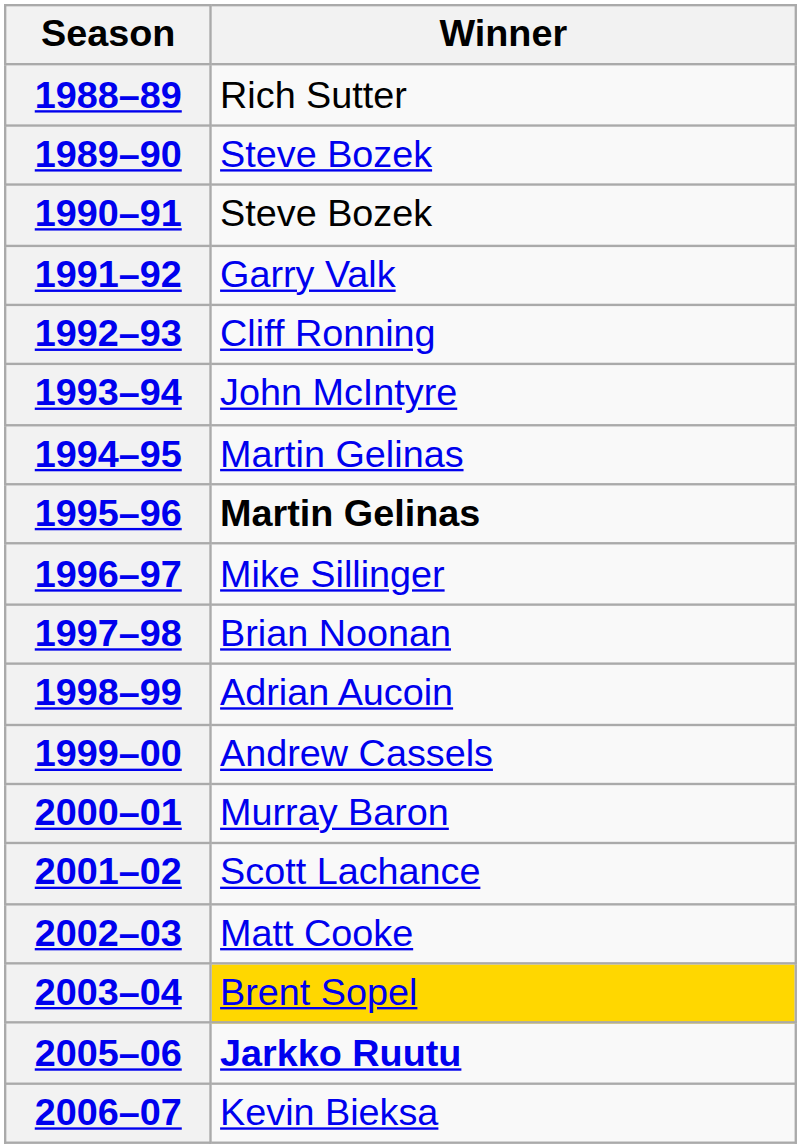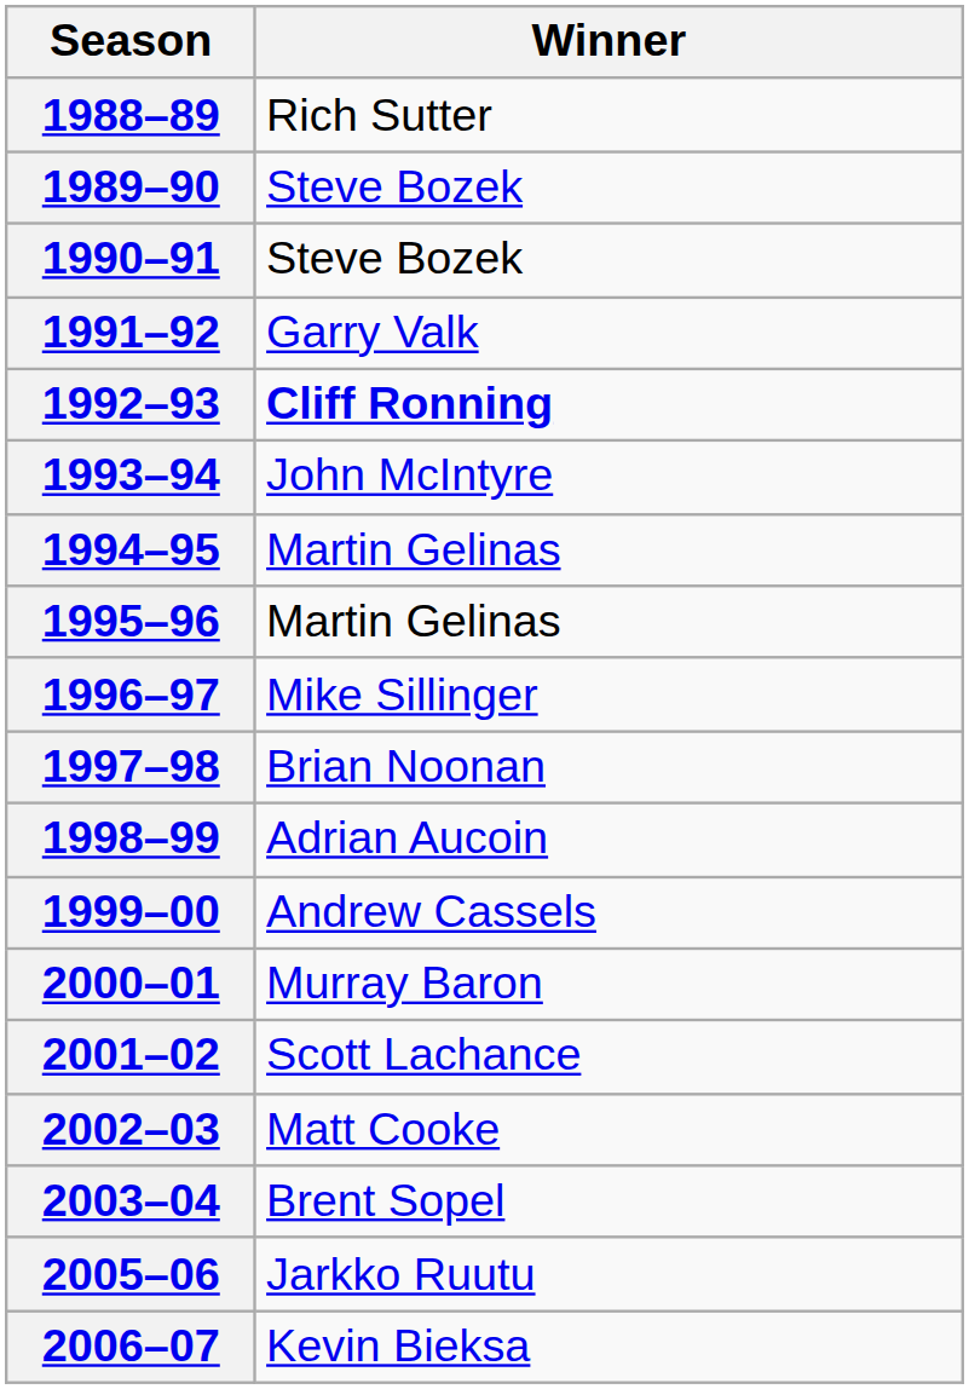 <table class="wikitable">
 <tr>
 <th scope="col" style="width:5em">Season</th>
 <th scope="col" style="width:15em">Winner</th>
 </tr>
 <tr>
 <th scope="row"><a href='#'>1988–89</a></th>
 <td>Rich Sutter</td>
 </tr>
 <tr>
 <th scope="row"><a href='#'>1989–90</a></th>
 <td><a href='#'>Steve Bozek</a></td>
 </tr>
 <tr>
 <th scope="row"><a href='#'>1990–91</a></th>
 <td>Steve Bozek</td>
 </tr>
 <tr>
 <th scope="row"><a href='#'>1991–92</a></th>
 <td><a href='#'>Garry Valk</a></td>
 </tr>
 <tr>
 <th scope="row"><a href='#'>1992–93</a></th>
-<td><a href='#'>Cliff Ronning</a></td>
+<td><strong><a href='#'>Cliff Ronning</a></strong></td>
 </tr>
 <tr>
 <th scope="row"><a href='#'>1993–94</a></th>
 <td><a href='#'>John McIntyre</a></td>
 </tr>
 <tr>
 <th scope="row"><a href='#'>1994–95</a></th>
 <td><a href='#'>Martin Gelinas</a></td>
 </tr>
 <tr>
 <th scope="row"><a href='#'>1995–96</a></th>
-<td><strong>Martin Gelinas</strong></td>
+<td>Martin Gelinas</td>
 </tr>
 <tr>
 <th scope="row"><a href='#'>1996–97</a></th>
 <td><a href='#'>Mike Sillinger</a></td>
 </tr>
 <tr>
 <th scope="row"><a href='#'>1997–98</a></th>
 <td><a href='#'>Brian Noonan</a></td>
 </tr>
 <tr>
 <th scope="row"><a href='#'>1998–99</a></th>
 <td><a href='#'>Adrian Aucoin</a></td>
 </tr>
 <tr>
 <th scope="row"><a href='#'>1999–00</a></th>
 <td><a href='#'>Andrew Cassels</a></td>
 </tr>
 <tr>
 <th scope="row"><a href='#'>2000–01</a></th>
 <td><a href='#'>Murray Baron</a></td>
 </tr>
 <tr>
 <th scope="row"><a href='#'>2001–02</a></th>
 <td><a href='#'>Scott Lachance</a></td>
 </tr>
 <tr>
 <th scope="row"><a href='#'>2002–03</a></th>
 <td><a href='#'>Matt Cooke</a></td>
 </tr>
 <tr>
 <th scope="row"><a href='#'>2003–04</a></th>
-<td style="background: gold;"><a href='#'>Brent Sopel</a></td>
+<td><a href='#'>Brent Sopel</a></td>
 </tr>
 <tr>
 <th scope="row"><a href='#'>2005–06</a></th>
-<td><strong><a href='#'>Jarkko Ruutu</a></strong></td>
+<td><a href='#'>Jarkko Ruutu</a></td>
 </tr>
 <tr>
 <th scope="row"><a href='#'>2006–07</a></th>
 <td><a href='#'>Kevin Bieksa</a></td>
 </tr>
 </table>
